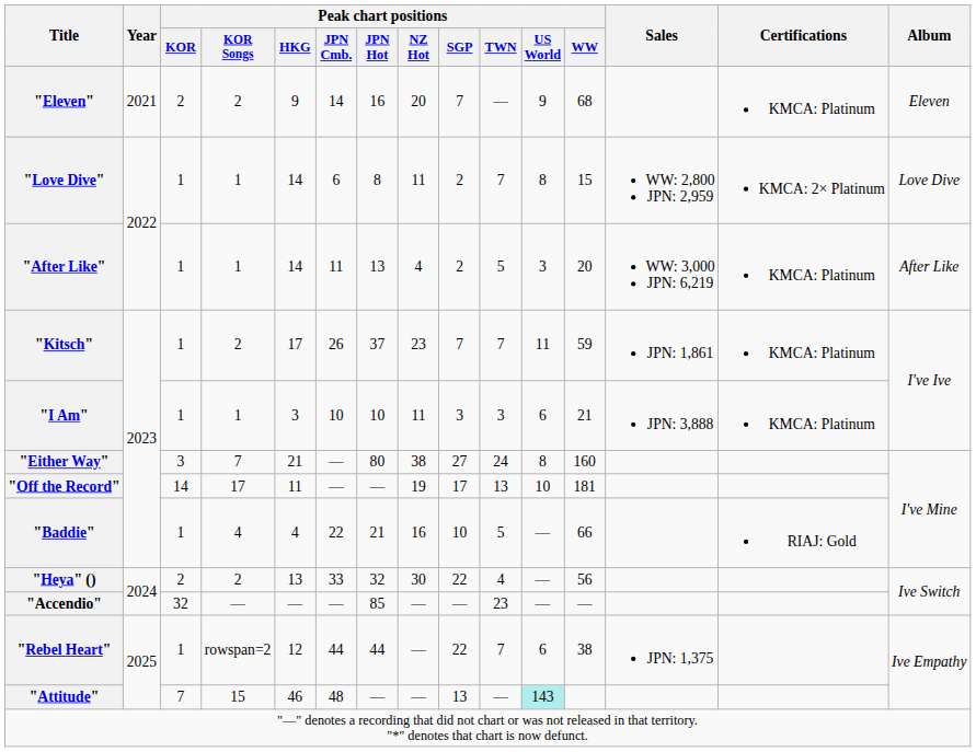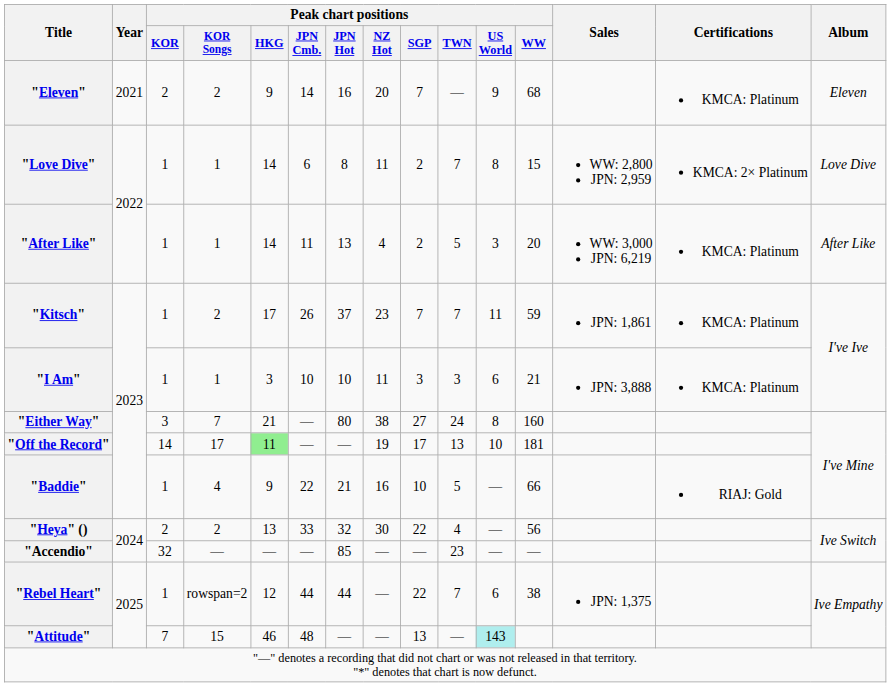 <table class="wikitable plainrowheaders" style="text-align:center">
 <tr>
 <th scope="col" rowspan="2">Title</th>
 <th scope="col" rowspan="2">Year</th>
 <th scope="col" colspan="10">Peak chart positions</th>
 <th scope="col" rowspan="2">Sales</th>
 <th scope="col" rowspan="2">Certifications</th>
 <th scope="col" rowspan="2">Album</th>
 </tr>
 <tr>
 <th scope="col" style="font-size:90%; width:2.6em"><a href='#'>KOR</a><br></th>
 <th scope="col" style="font-size:85%; width:2.6em"><a href='#'>KOR<br>Songs</a><br></th>
 <th scope="col" style="font-size:90%; width:2.6em"><a href='#'>HKG</a><br></th>
 <th scope="col" style="font-size:90%; width:2.6em"><a href='#'>JPN<br>Cmb.</a><br></th>
 <th scope="col" style="font-size:90%; width:2.6em"><a href='#'>JPN<br>Hot</a><br></th>
 <th scope="col" style="font-size:90%; width:2.6em"><a href='#'>NZ<br>Hot</a><br></th>
 <th scope="col" style="font-size:90%; width:2.6em"><a href='#'>SGP</a><br></th>
 <th scope="col" style="font-size:90%; width:2.6em"><a href='#'>TWN</a><br></th>
 <th scope="col" style="font-size:90%; width:2.6em"><a href='#'>US<br>World</a><br></th>
 <th scope="col" style="font-size:90%; width:2.6em"><a href='#'>WW</a><br></th>
 </tr>
 <tr>
 <th scope="row">"<a href='#'>Eleven</a>"</th>
 <td>2021</td>
 <td>2</td>
 <td>2</td>
 <td>9</td>
 <td>14</td>
 <td>16</td>
 <td>20</td>
 <td>7</td>
 <td>—</td>
 <td>9</td>
 <td>68</td>
 <td></td>
 <td><br><ul><li>KMCA: Platinum </li></ul></td>
 <td><em>Eleven</em></td>
 </tr>
 <tr>
 <th scope="row">"<a href='#'>Love Dive</a>"</th>
 <td rowspan="2">2022</td>
 <td>1</td>
 <td>1</td>
 <td>14</td>
 <td>6</td>
 <td>8</td>
 <td>11</td>
 <td>2</td>
 <td>7</td>
 <td>8</td>
 <td>15</td>
 <td><br><ul><li>WW: 2,800</li><li>JPN: 2,959 </li></ul></td>
 <td><br><ul><li>KMCA: 2× Platinum </li></ul></td>
 <td><em>Love Dive</em></td>
 </tr>
 <tr>
 <th scope="row">"<a href='#'>After Like</a>"</th>
 <td>1</td>
 <td>1</td>
 <td>14</td>
 <td>11</td>
 <td>13</td>
 <td>4</td>
 <td>2</td>
 <td>5</td>
 <td>3</td>
 <td>20</td>
 <td><br><ul><li>WW: 3,000</li><li>JPN: 6,219 </li></ul></td>
 <td><br><ul><li>KMCA: Platinum </li></ul></td>
 <td><em>After Like</em></td>
 </tr>
 <tr>
 <th scope="row">"<a href='#'>Kitsch</a>"</th>
 <td rowspan="5">2023</td>
 <td>1</td>
 <td>2</td>
 <td>17</td>
 <td>26</td>
 <td>37</td>
 <td>23</td>
 <td>7</td>
 <td>7</td>
 <td>11</td>
 <td>59</td>
 <td><br><ul><li>JPN: 1,861 </li></ul></td>
 <td><br><ul><li>KMCA: Platinum </li></ul></td>
 <td rowspan="2"><em>I've Ive</em></td>
 </tr>
 <tr>
 <th scope="row">"<a href='#'>I Am</a>"</th>
 <td>1</td>
 <td>1</td>
 <td>3</td>
 <td>10</td>
 <td>10</td>
 <td>11</td>
 <td>3</td>
 <td>3</td>
 <td>6</td>
 <td>21</td>
 <td><br><ul><li>JPN: 3,888 </li></ul></td>
 <td><br><ul><li>KMCA: Platinum </li></ul></td>
 </tr>
 <tr>
 <th scope="row">"<a href='#'>Either Way</a>"</th>
 <td>3</td>
 <td>7</td>
 <td>21</td>
 <td>—</td>
 <td>80</td>
 <td>38</td>
 <td>27</td>
 <td>24</td>
 <td>8</td>
 <td>160</td>
 <td></td>
 <td></td>
 <td rowspan="3"><em>I've Mine</em></td>
 </tr>
 <tr>
 <th scope="row">"<a href='#'>Off the Record</a>"</th>
 <td>14</td>
 <td>17</td>
-<td>11</td>
+<td style="background: lightgreen;">11</td>
 <td>—</td>
 <td>—</td>
 <td>19</td>
 <td>17</td>
 <td>13</td>
 <td>10</td>
 <td>181</td>
 <td></td>
 <td></td>
 </tr>
 <tr>
 <th scope="row">"<a href='#'>Baddie</a>"</th>
 <td>1</td>
 <td>4</td>
-<td>4</td>
+<td>9</td>
 <td>22</td>
 <td>21</td>
 <td>16</td>
 <td>10</td>
 <td>5</td>
 <td>—</td>
 <td>66</td>
 <td></td>
 <td><br><ul><li>RIAJ: Gold </li></ul></td>
 </tr>
 <tr>
 <th scope="row">"<a href='#'>Heya</a>" ()</th>
 <td rowspan="2">2024</td>
 <td>2</td>
 <td>2</td>
 <td>13</td>
 <td>33</td>
 <td>32</td>
 <td>30</td>
 <td>22</td>
 <td>4</td>
 <td>—</td>
 <td>56</td>
 <td></td>
 <td></td>
 <td rowspan="2"><em>Ive Switch</em></td>
 </tr>
 <tr>
 <th scope="row">"Accendio"</th>
 <td>32</td>
 <td>—</td>
 <td>—</td>
 <td>—</td>
 <td>85</td>
 <td>—</td>
 <td>—</td>
 <td>23</td>
 <td>—</td>
 <td>—</td>
 <td></td>
 <td></td>
 </tr>
 <tr>
 <th scope="row">"<a href='#'>Rebel Heart</a>"</th>
 <td rowspan="2">2025</td>
 <td>1</td>
 <td>rowspan=2 </td>
 <td>12</td>
 <td>44</td>
 <td>44</td>
 <td>—</td>
 <td>22</td>
 <td>7</td>
 <td>6</td>
 <td>38</td>
 <td><br><ul><li>JPN: 1,375 </li></ul></td>
 <td></td>
 <td rowspan="2"><em>Ive Empathy</em></td>
 </tr>
 <tr>
 <th scope="row">"<a href='#'>Attitude</a>"</th>
 <td>7</td>
 <td>15</td>
 <td>46</td>
 <td>48</td>
 <td>—</td>
 <td>—</td>
 <td>13</td>
 <td>—</td>
 <td style="background: paleturquoise;">143</td>
 <td></td>
 <td></td>
 </tr>
 <tr>
 <td colspan="15" style="font-size:90%">"—" denotes a recording that did not chart or was not released in that territory.<br>"*" denotes that chart is now defunct.</td>
 </tr>
 </table>
